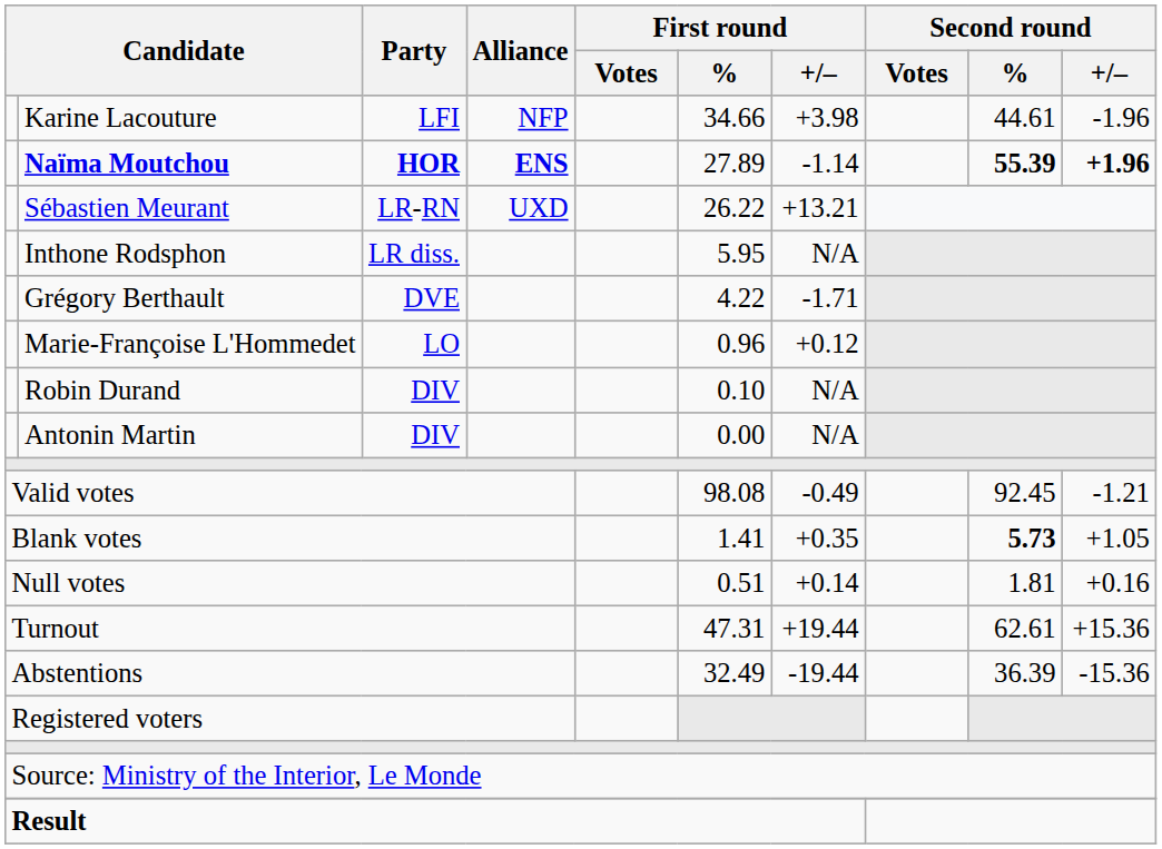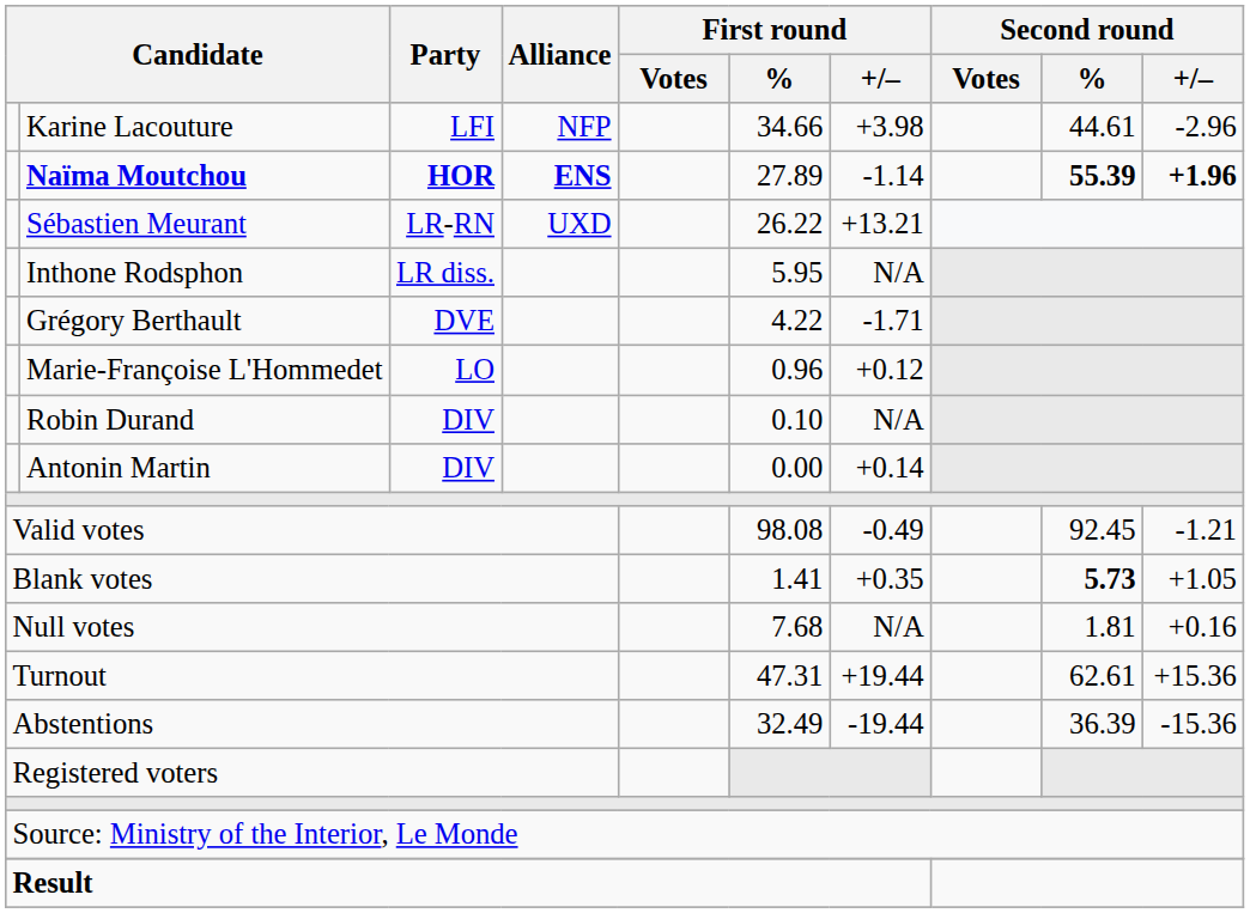 <table class="wikitable" style="text-align:right;font-size:95%;">
 <tr>
 <th rowspan="2" colspan="2">Candidate</th>
 <th rowspan="2">Party</th>
 <th rowspan="2">Alliance</th>
 <th colspan="3">First round</th>
 <th colspan="3">Second round</th>
 </tr>
 <tr>
 <th style="width:50px;">Votes</th>
 <th style="width:45px;">%</th>
 <th style="width:45px;">+/–</th>
 <th style="width:50px;">Votes</th>
 <th style="width:45px;">%</th>
 <th style="width:45px;">+/–</th>
 </tr>
 <tr>
 <td style="color:inherit;background:"></td>
 <td style="text-align:left;">Karine Lacouture</td>
 <td><a href='#'>LFI</a></td>
 <td><a href='#'>NFP</a></td>
 <td></td>
 <td>34.66</td>
 <td>+3.98</td>
 <td></td>
 <td>44.61</td>
-<td>-1.96</td>
+<td>-2.96</td>
 </tr>
 <tr>
 <td style="color:inherit;background:"></td>
 <td style="text-align:left;"><strong><a href='#'>Naïma Moutchou</a></strong></td>
 <td><a href='#'><strong>HOR</strong></a></td>
 <td><a href='#'><strong>ENS</strong></a></td>
 <td></td>
 <td>27.89</td>
 <td>-1.14</td>
 <td><strong></strong></td>
 <td><strong>55.39</strong></td>
 <td><strong>+1.96</strong></td>
 </tr>
 <tr>
 <td style="color:inherit;background:"></td>
 <td style="text-align:left;"><a href='#'>Sébastien Meurant</a></td>
 <td><a href='#'>LR</a>-<a href='#'>RN</a></td>
 <td><a href='#'>UXD</a></td>
 <td></td>
 <td>26.22</td>
 <td>+13.21</td>
 <td colspan="3" style="background:#F8F9FA;"></td>
 </tr>
 <tr>
 <td style="color:inherit;background:"></td>
 <td style="text-align:left;">Inthone Rodsphon</td>
 <td><a href='#'>LR diss.</a></td>
 <td></td>
 <td></td>
 <td>5.95</td>
 <td>N/A</td>
 <td colspan="3" style="background:#E9E9E9;"></td>
 </tr>
 <tr>
 <td style="color:inherit;background:"></td>
 <td style="text-align:left;">Grégory Berthault</td>
 <td><a href='#'>DVE</a></td>
 <td></td>
 <td></td>
 <td>4.22</td>
 <td>-1.71</td>
 <td colspan="3" style="background:#E9E9E9;"></td>
 </tr>
 <tr>
 <td style="color:inherit;background:"></td>
 <td style="text-align:left;">Marie-Françoise L'Hommedet</td>
 <td><a href='#'>LO</a></td>
 <td></td>
 <td></td>
 <td>0.96</td>
 <td>+0.12</td>
 <td colspan="3" style="background:#E9E9E9;"></td>
 </tr>
 <tr>
 <td style="color:inherit;background:"></td>
 <td style="text-align:left;">Robin Durand</td>
 <td><a href='#'>DIV</a></td>
 <td></td>
 <td></td>
 <td>0.10</td>
 <td>N/A</td>
 <td colspan="3" style="background:#E9E9E9;"></td>
 </tr>
 <tr>
 <td style="color:inherit;background:"></td>
 <td style="text-align:left;">Antonin Martin</td>
 <td><a href='#'>DIV</a></td>
 <td></td>
 <td></td>
 <td>0.00</td>
-<td>N/A</td>
+<td>+0.14</td>
 <td colspan="3" style="background:#E9E9E9;"></td>
 </tr>
 <tr>
 <td colspan="10" style="background:#E9E9E9;"></td>
 </tr>
 <tr>
 <td colspan="4" style="text-align:left;">Valid votes</td>
 <td></td>
 <td>98.08</td>
 <td>-0.49</td>
 <td></td>
 <td>92.45</td>
 <td>-1.21</td>
 </tr>
 <tr>
 <td colspan="4" style="text-align:left;">Blank votes</td>
 <td></td>
 <td>1.41</td>
 <td>+0.35</td>
 <td></td>
 <td><strong>5.73</strong></td>
 <td>+1.05</td>
 </tr>
 <tr>
 <td colspan="4" style="text-align:left;">Null votes</td>
 <td></td>
-<td>0.51</td>
-<td>+0.14</td>
+<td>7.68</td>
+<td>N/A</td>
 <td></td>
 <td>1.81</td>
 <td>+0.16</td>
 </tr>
 <tr>
 <td colspan="4" style="text-align:left;">Turnout</td>
 <td></td>
 <td>47.31</td>
 <td>+19.44</td>
 <td></td>
 <td>62.61</td>
 <td>+15.36</td>
 </tr>
 <tr>
 <td colspan="4" style="text-align:left;">Abstentions</td>
 <td></td>
 <td>32.49</td>
 <td>-19.44</td>
 <td></td>
 <td>36.39</td>
 <td>-15.36</td>
 </tr>
 <tr>
 <td colspan="4" style="text-align:left;">Registered voters</td>
 <td></td>
 <td colspan="2" style="background:#E9E9E9;"></td>
 <td></td>
 <td colspan="2" style="background:#E9E9E9;"></td>
 </tr>
 <tr>
 <td colspan="10" style="background:#E9E9E9;"></td>
 </tr>
 <tr>
 <td colspan="10" style="text-align:left;">Source: <a href='#'>Ministry of the Interior</a>, <a href='#'>Le Monde</a></td>
 </tr>
 <tr>
 </tr>
 <tr style="font-weight:bold">
 <td colspan="7" style="text-align:left;">Result</td>
 <td colspan="7" style="background-color:"></td>
 </tr>
 </table>
